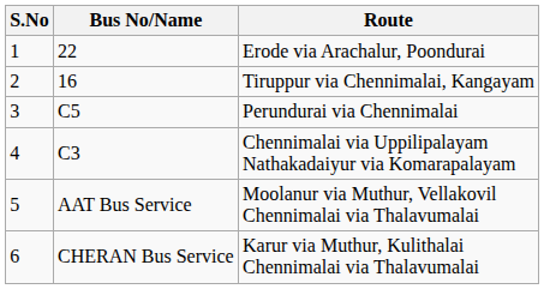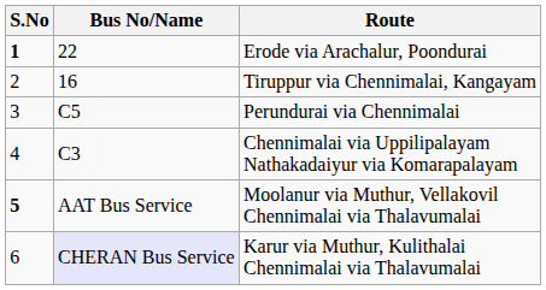 <table class="wikitable sortable">
 <tr>
 <th>S.No</th>
 <th>Bus No/Name</th>
 <th>Route</th>
 </tr>
 <tr>
-<td>1</td>
+<td><strong>1</strong></td>
 <td>22</td>
 <td>Erode via Arachalur, Poondurai</td>
 </tr>
 <tr>
 <td>2</td>
 <td>16</td>
 <td>Tiruppur via Chennimalai, Kangayam</td>
 </tr>
 <tr>
 <td>3</td>
 <td>C5</td>
 <td>Perundurai via Chennimalai</td>
 </tr>
 <tr>
 </tr>
 <tr>
 <td>4</td>
 <td>C3</td>
 <td>Chennimalai via Uppilipalayam <br> Nathakadaiyur via Komarapalayam</td>
 </tr>
 <tr>
-<td>5</td>
+<td><strong>5</strong></td>
 <td>AAT Bus Service</td>
 <td>Moolanur via Muthur, Vellakovil <br> Chennimalai via Thalavumalai</td>
 </tr>
 <tr>
 <td>6</td>
-<td>CHERAN Bus Service</td>
+<td style="background: lavender;">CHERAN Bus Service</td>
 <td>Karur via Muthur, Kulithalai <br> Chennimalai via Thalavumalai</td>
 </tr>
 <tr>
 </tr>
 </table>
